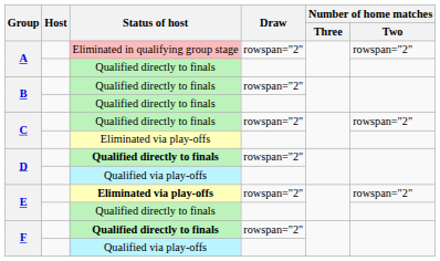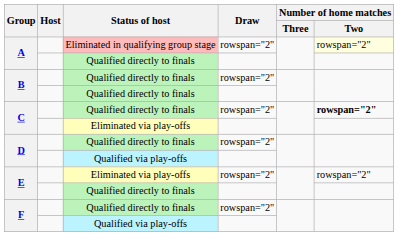 <table class="wikitable">
 <tr>
 <th rowspan="2">Group</th>
 <th rowspan="2">Host</th>
 <th rowspan="2">Status of host</th>
 <th rowspan="2">Draw</th>
 <th colspan="2">Number of home matches</th>
 </tr>
 <tr>
 <th>Three</th>
 <th>Two</th>
 </tr>
 <tr>
 <th rowspan="2"><a href='#'>A</a></th>
 <td></td>
 <td style="background:#FFBBBB; text-align:center;">Eliminated in qualifying group stage</td>
 <td>rowspan="2" </td>
 <td rowspan="2"></td>
-<td>rowspan="2"</td>
+<td style="background: lightyellow;">rowspan="2"</td>
 </tr>
 <tr>
 <td></td>
 <td style="background:#BBF3BB; text-align:center;">Qualified directly to finals</td>
 </tr>
 <tr>
 <th rowspan="2"><a href='#'>B</a></th>
 <td></td>
 <td style="background:#BBF3BB; text-align:center;">Qualified directly to finals</td>
 <td>rowspan="2"</td>
 <td rowspan="2"></td>
 <td rowspan="2"></td>
 </tr>
 <tr>
 <td></td>
 <td style="background:#BBF3BB; text-align:center;">Qualified directly to finals</td>
 </tr>
 <tr>
 <th rowspan="2"><a href='#'>C</a></th>
 <td></td>
 <td style="background:#BBF3BB; text-align:center;">Qualified directly to finals</td>
 <td>rowspan="2" </td>
 <td rowspan="2"></td>
-<td>rowspan="2" </td>
+<td><strong>rowspan="2" </strong></td>
 </tr>
 <tr>
 <td></td>
 <td style="background:#FFFFBB; text-align:center;">Eliminated via play-offs</td>
 </tr>
 <tr>
 <th rowspan="2"><a href='#'>D</a></th>
 <td></td>
-<td style="background:#BBF3BB; text-align:center;"><strong>Qualified directly to finals</strong></td>
+<td style="background:#BBF3BB; text-align:center;">Qualified directly to finals</td>
 <td>rowspan="2"</td>
 <td rowspan="2"></td>
 <td rowspan="2"></td>
 </tr>
 <tr>
 <td></td>
 <td style="background:#BBF3FF; text-align:center;">Qualified via play-offs</td>
 </tr>
 <tr>
 <th rowspan="2"><a href='#'>E</a></th>
 <td><s></s></td>
-<td style="background:#FFFFBB; text-align:center;"><strong>Eliminated via play-offs</strong></td>
+<td style="background:#FFFFBB; text-align:center;">Eliminated via play-offs</td>
 <td>rowspan="2" </td>
 <td rowspan="2"></td>
 <td>rowspan="2" </td>
 </tr>
 <tr>
 <td></td>
 <td style="background:#BBF3BB; text-align:center;">Qualified directly to finals</td>
 </tr>
 <tr>
 <th rowspan="2"><a href='#'>F</a></th>
 <td></td>
-<td style="background:#BBF3BB; text-align:center;"><strong>Qualified directly to finals</strong></td>
+<td style="background:#BBF3BB; text-align:center;">Qualified directly to finals</td>
 <td>rowspan="2" </td>
 <td rowspan="2"></td>
 <td rowspan="2"></td>
 </tr>
 <tr>
 <td></td>
 <td style="background:#BBF3FF; text-align:center;">Qualified via play-offs</td>
 </tr>
 </table>
